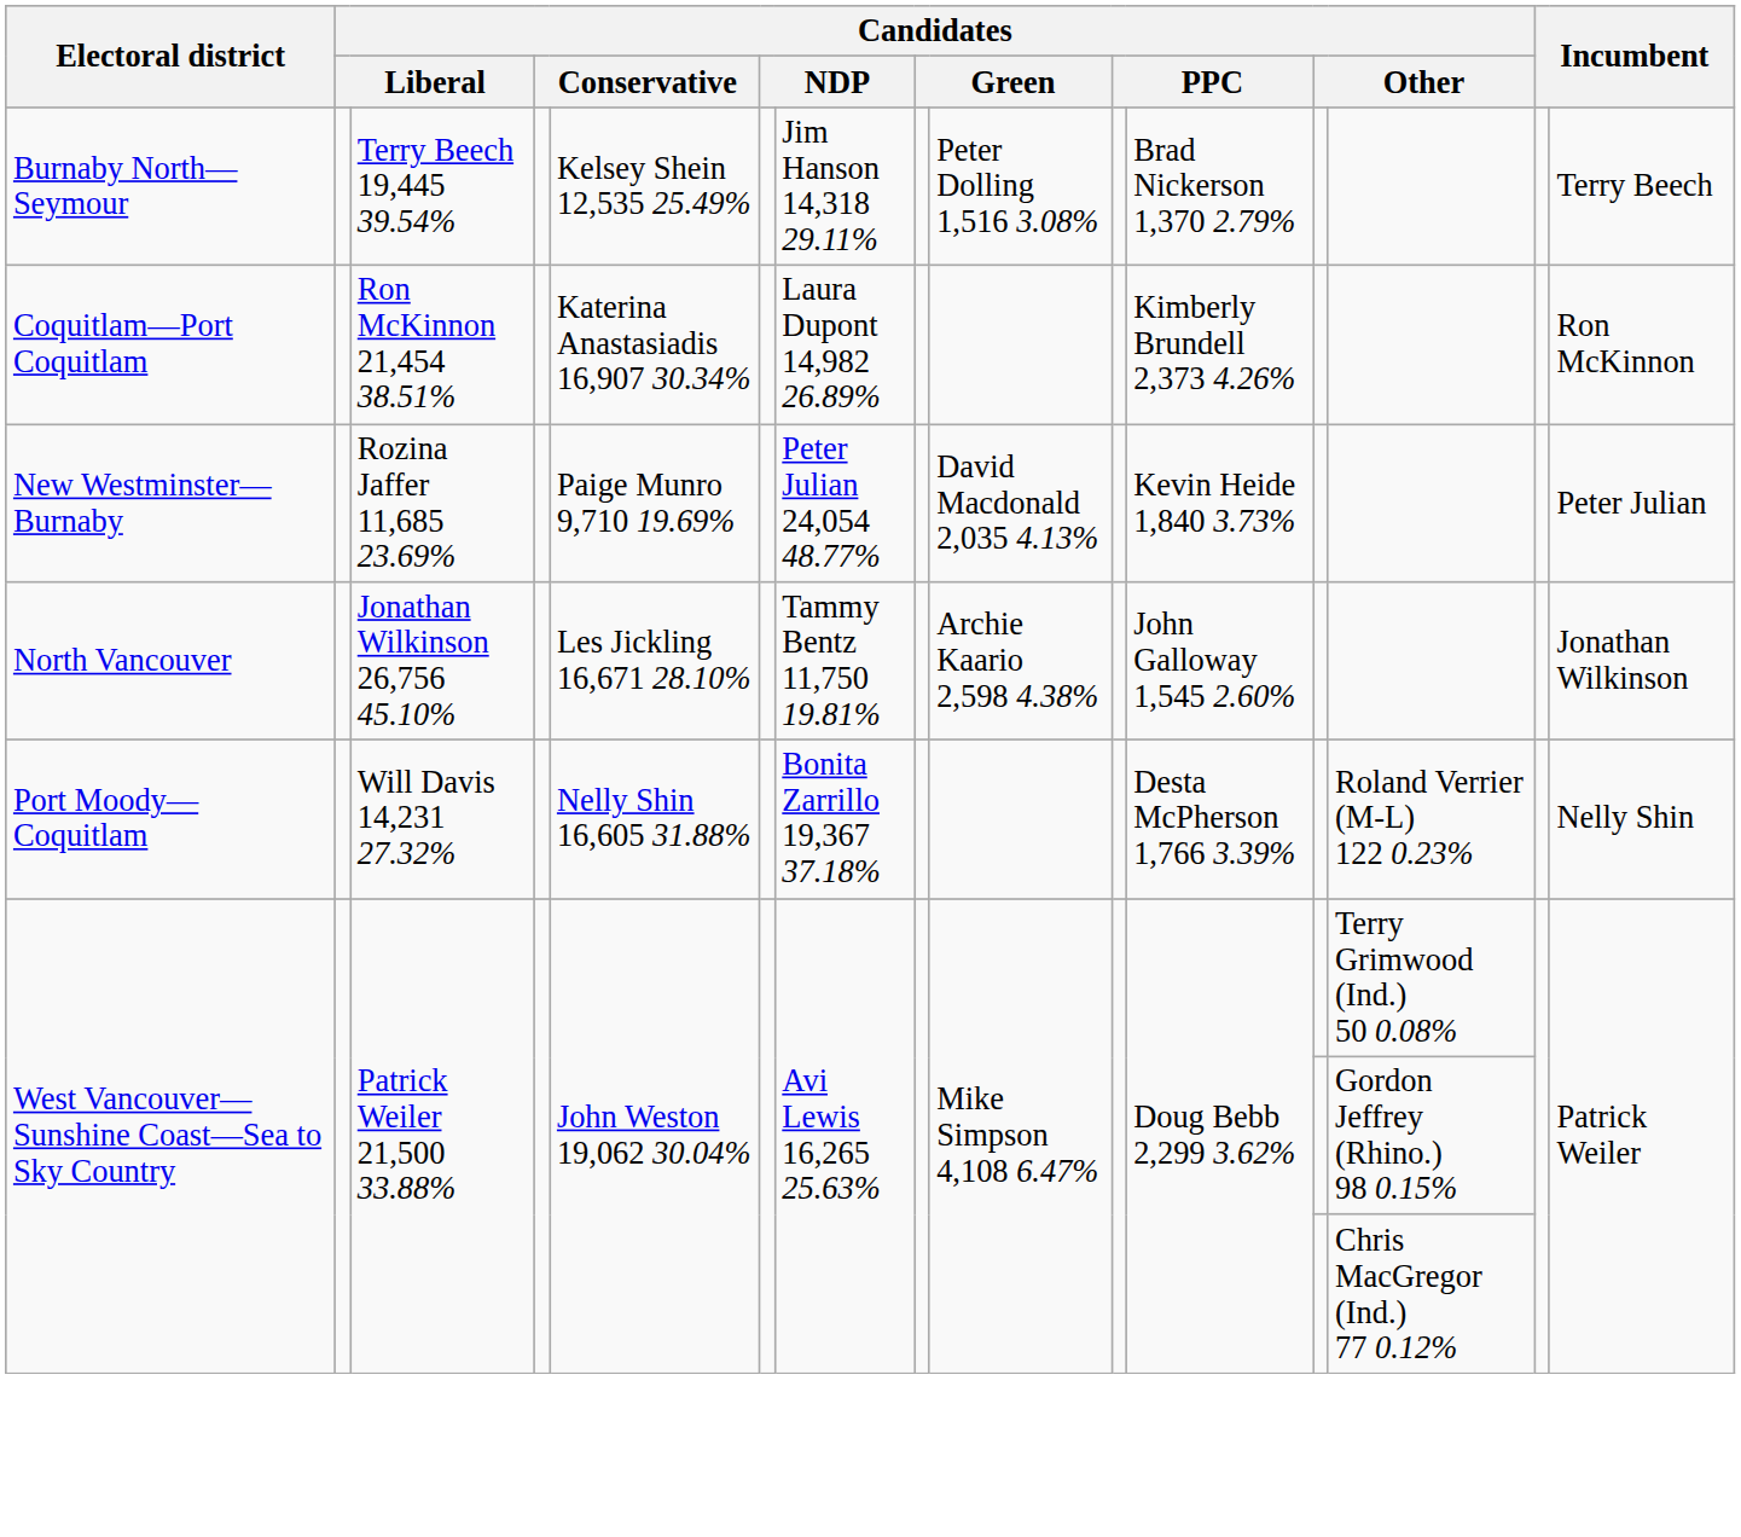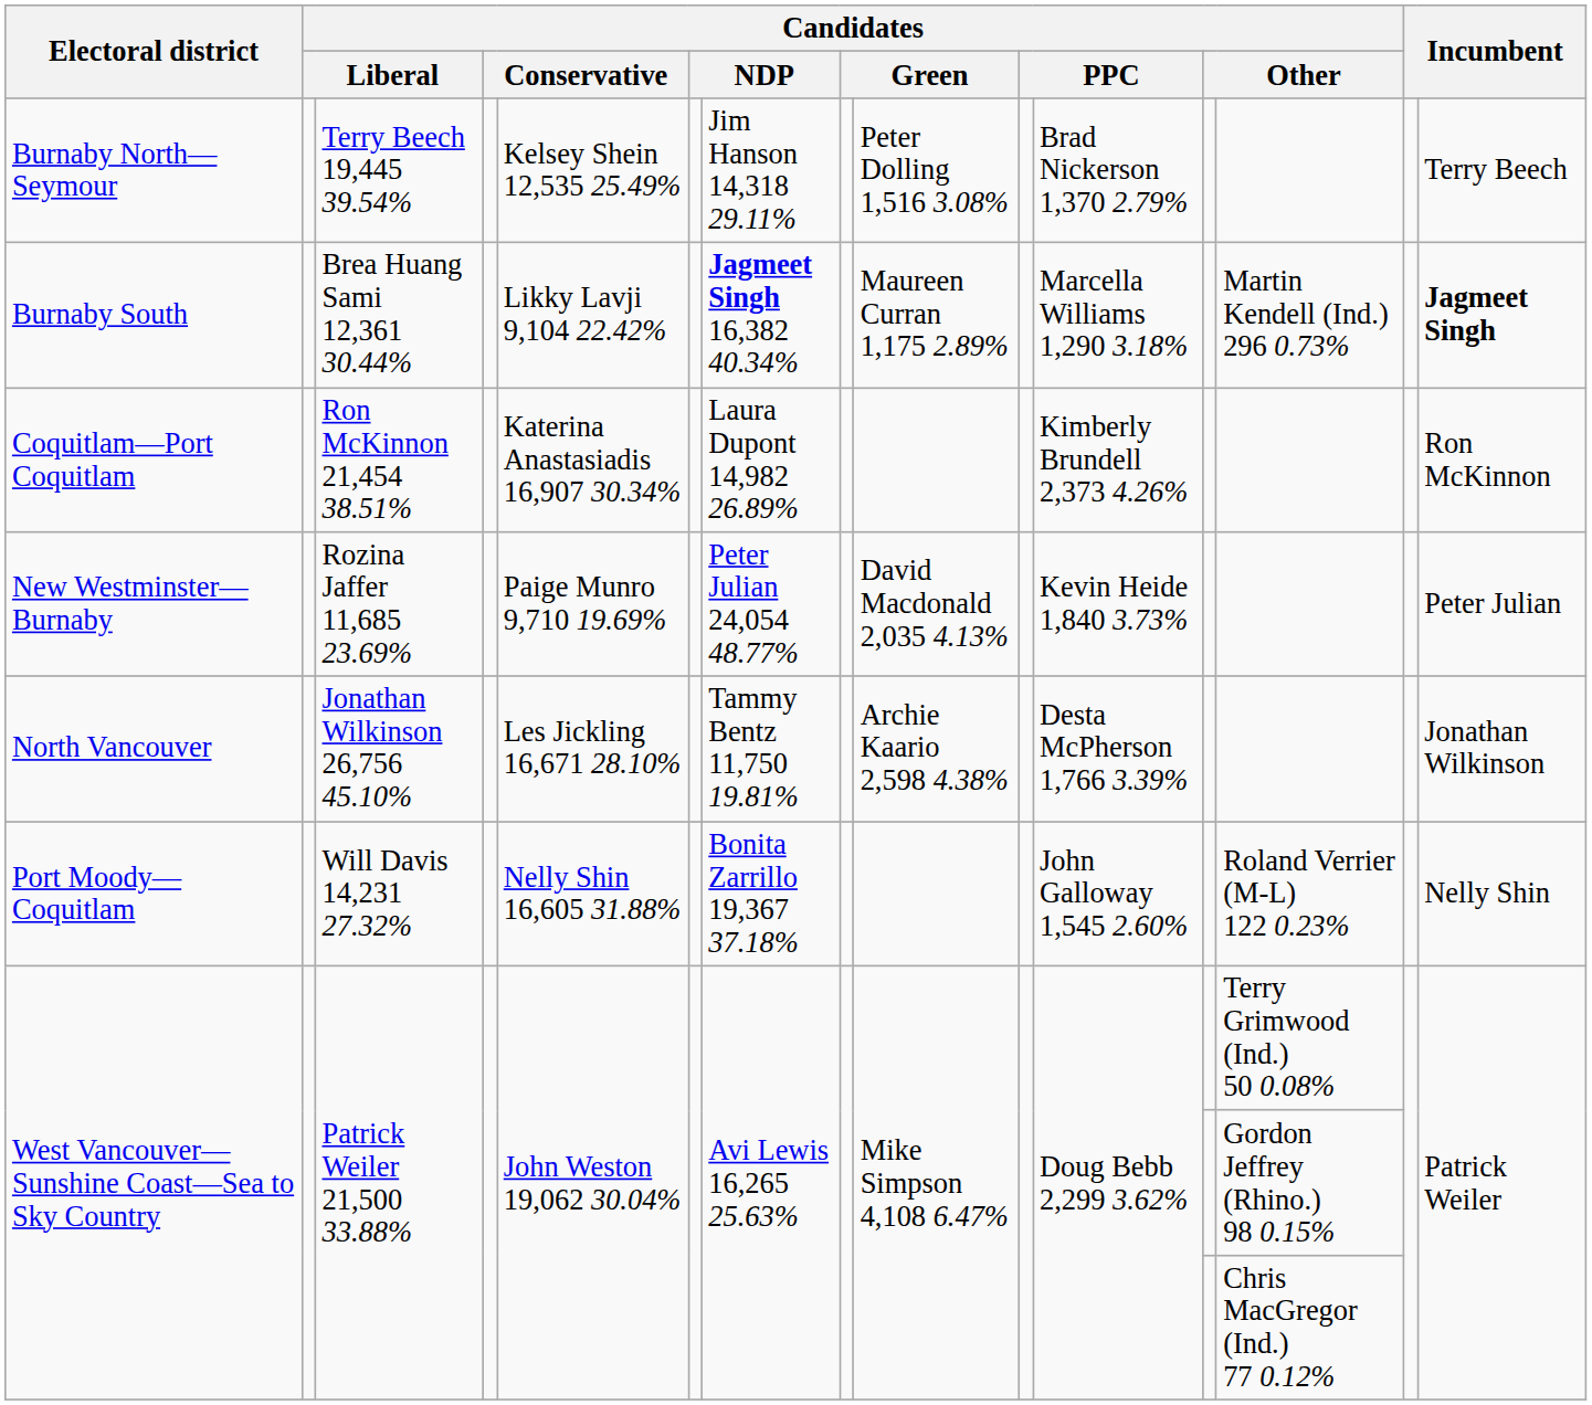 <table class="wikitable">
 <tr>
 <th rowspan="2">Electoral district</th>
 <th colspan="12">Candidates</th>
 <th colspan="2" rowspan="2">Incumbent</th>
 </tr>
 <tr>
 <th colspan="2">Liberal</th>
 <th colspan="2">Conservative</th>
 <th colspan="2">NDP</th>
 <th colspan="2">Green</th>
 <th colspan="2">PPC</th>
 <th colspan="2">Other</th>
 </tr>
 <tr>
 <td><a href='#'>Burnaby North—Seymour</a></td>
 <td></td>
 <td><a href='#'>Terry Beech</a><br>19,445 <em>39.54%</em></td>
 <td></td>
 <td>Kelsey Shein<br>12,535 <em>25.49%</em></td>
 <td></td>
 <td>Jim Hanson<br>14,318 <em>29.11%</em></td>
 <td></td>
 <td>Peter Dolling<br>1,516 <em>3.08%</em></td>
 <td></td>
 <td>Brad Nickerson<br>1,370 <em>2.79%</em></td>
 <td></td>
 <td></td>
 <td></td>
 <td>Terry Beech</td>
+</tr>
+<tr>
+<td><a href='#'>Burnaby South</a></td>
+<td></td>
+<td>Brea Huang Sami<br>12,361 <em>30.44%</em></td>
+<td></td>
+<td>Likky Lavji<br>9,104 <em>22.42%</em></td>
+<td></td>
+<td><strong><a href='#'>Jagmeet Singh</a></strong><br>16,382 <em>40.34%</em></td>
+<td></td>
+<td>Maureen Curran<br>1,175 <em>2.89%</em></td>
+<td></td>
+<td>Marcella Williams<br>1,290 <em>3.18%</em></td>
+<td></td>
+<td>Martin Kendell (Ind.)<br>296 <em>0.73%</em></td>
+<td></td>
+<td><strong>Jagmeet Singh</strong></td>
 </tr>
 <tr>
 <td><a href='#'>Coquitlam—Port Coquitlam</a></td>
 <td></td>
 <td><a href='#'>Ron McKinnon</a><br>21,454 <em>38.51%</em></td>
 <td></td>
 <td>Katerina Anastasiadis<br>16,907 <em>30.34%</em></td>
 <td></td>
 <td>Laura Dupont<br>14,982 <em>26.89%</em></td>
 <td></td>
 <td></td>
 <td></td>
 <td>Kimberly Brundell<br>2,373 <em>4.26%</em></td>
 <td></td>
 <td></td>
 <td></td>
 <td>Ron McKinnon</td>
 </tr>
 <tr>
 <td><a href='#'>New Westminster—Burnaby</a></td>
 <td></td>
 <td>Rozina Jaffer<br>11,685 <em>23.69%</em></td>
 <td></td>
 <td>Paige Munro<br>9,710 <em>19.69%</em></td>
 <td></td>
 <td><a href='#'>Peter Julian</a><br>24,054 <em>48.77%</em></td>
 <td></td>
 <td>David Macdonald<br>2,035 <em>4.13%</em></td>
 <td></td>
 <td>Kevin Heide<br>1,840 <em>3.73%</em></td>
 <td></td>
 <td></td>
 <td></td>
 <td>Peter Julian</td>
 </tr>
 <tr>
 <td><a href='#'>North Vancouver</a></td>
 <td></td>
 <td><a href='#'>Jonathan Wilkinson</a><br>26,756 <em>45.10%</em></td>
 <td></td>
 <td>Les Jickling<br>16,671 <em>28.10%</em></td>
 <td></td>
 <td>Tammy Bentz<br>11,750 <em>19.81%</em></td>
 <td></td>
 <td>Archie Kaario<br>2,598 <em>4.38%</em></td>
 <td></td>
-<td>John Galloway<br>1,545 <em>2.60%</em></td>
+<td>Desta McPherson<br>1,766 <em>3.39%</em></td>
 <td></td>
 <td></td>
 <td></td>
 <td>Jonathan Wilkinson</td>
 </tr>
 <tr>
 <td><a href='#'>Port Moody—Coquitlam</a></td>
 <td></td>
 <td>Will Davis<br>14,231 <em>27.32%</em></td>
 <td></td>
 <td><a href='#'>Nelly Shin</a><br>16,605 <em>31.88%</em></td>
 <td></td>
 <td><a href='#'>Bonita Zarrillo</a><br>19,367 <em>37.18%</em></td>
 <td></td>
 <td></td>
 <td></td>
-<td>Desta McPherson<br>1,766 <em>3.39%</em></td>
+<td>John Galloway<br>1,545 <em>2.60%</em></td>
 <td></td>
 <td>Roland Verrier (M-L)<br>122 <em>0.23%</em></td>
 <td></td>
 <td>Nelly Shin</td>
 </tr>
 <tr>
 <td rowspan="3"><a href='#'>West Vancouver—Sunshine Coast—Sea to Sky Country</a></td>
 <td rowspan="3"></td>
 <td rowspan="3"><a href='#'>Patrick Weiler</a><br>21,500 <em>33.88%</em></td>
 <td rowspan="3"></td>
 <td rowspan="3"><a href='#'>John Weston</a><br>19,062 <em>30.04%</em></td>
 <td rowspan="3"></td>
 <td rowspan="3"><a href='#'>Avi Lewis</a><br>16,265 <em>25.63%</em></td>
 <td rowspan="3"></td>
 <td rowspan="3">Mike Simpson<br>4,108 <em>6.47%</em></td>
 <td rowspan="3"></td>
 <td rowspan="3">Doug Bebb<br>2,299 <em>3.62%</em></td>
 <td></td>
 <td>Terry Grimwood (Ind.)<br>50 <em>0.08%</em></td>
 <td rowspan="3"></td>
 <td rowspan="3">Patrick Weiler</td>
 </tr>
 <tr>
 <td></td>
 <td>Gordon Jeffrey (Rhino.)<br>98 <em>0.15%</em></td>
 </tr>
 <tr>
 <td></td>
 <td>Chris MacGregor (Ind.)<br>77 <em>0.12%</em></td>
 </tr>
 </table>
